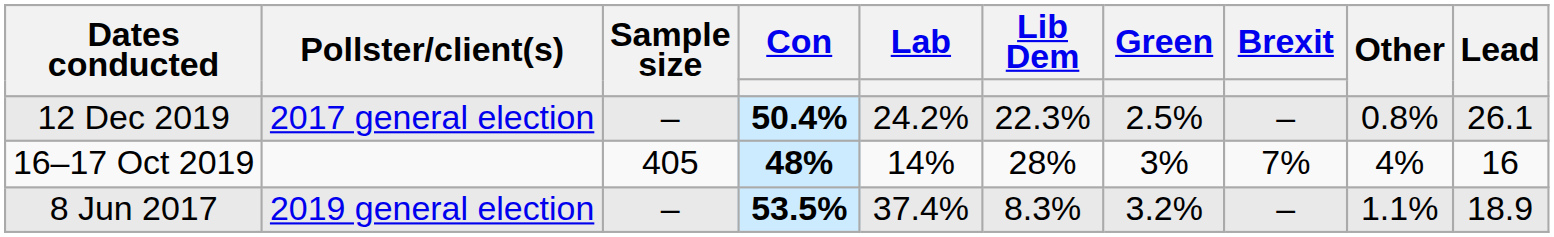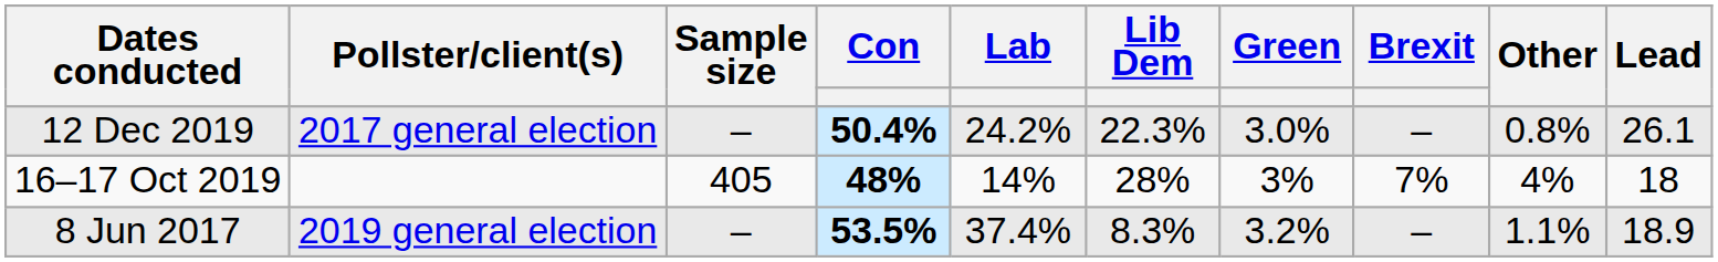 <table class="wikitable sortable mw-datatable" style="text-align:center;line-height:14px;">
 <tr>
 <th rowspan="2">Dates<br>conducted</th>
 <th rowspan="2">Pollster/client(s)</th>
 <th rowspan="2" data-sort-type="number">Sample<br>size</th>
 <th class="unsortable" style="width:50px;"><a href='#'>Con</a></th>
 <th class="unsortable" style="width:50px;"><a href='#'>Lab</a></th>
 <th class="unsortable" style="width:50px;"><a href='#'>Lib Dem</a></th>
 <th class="unsortable" style="width:50px;"><a href='#'>Green</a></th>
 <th class="unsortable" style="width:50px;"><a href='#'>Brexit</a></th>
 <th rowspan="2" class="unsortable">Other</th>
 <th rowspan="2" data-sort-type="number">Lead</th>
 </tr>
 <tr>
 <th data-sort-type="number" style="background:"></th>
 <th data-sort-type="number" style="background:"></th>
 <th data-sort-type="number" style="background:"></th>
 <th data-sort-type="number" style="background:"></th>
 <th data-sort-type="number" style="background:"></th>
 </tr>
 <tr style="background:#E9E9E9;">
 <td data-sort-value="2017-06-08">12 Dec 2019</td>
 <td><a href='#'>2017 general election</a></td>
 <td>–</td>
 <td style="background:#CCEBFF;"><strong>50.4%</strong></td>
 <td>24.2%</td>
 <td>22.3%</td>
-<td>2.5%</td>
+<td>3.0%</td>
 <td>–</td>
 <td>0.8%</td>
 <td style="background:">26.1</td>
 </tr>
 <tr>
 <td data-sort-value="2019-10-2">16–17 Oct 2019</td>
 <td></td>
 <td>405</td>
 <td style="background:#CCEBFF;"><strong>48%</strong></td>
 <td>14%</td>
 <td>28%</td>
 <td>3%</td>
 <td>7%</td>
 <td>4%</td>
-<td style="background:">16</td>
+<td style="background:">18</td>
 </tr>
 <tr style="background:#E9E9E9;">
 <td data-sort-value="2017-06-08">8 Jun 2017</td>
 <td><a href='#'>2019 general election</a></td>
 <td>–</td>
 <td style="background:#CCEBFF;"><strong>53.5%</strong></td>
 <td>37.4%</td>
 <td>8.3%</td>
 <td>3.2%</td>
 <td>–</td>
 <td>1.1%</td>
 <td style="background:">18.9</td>
 </tr>
 </table>
